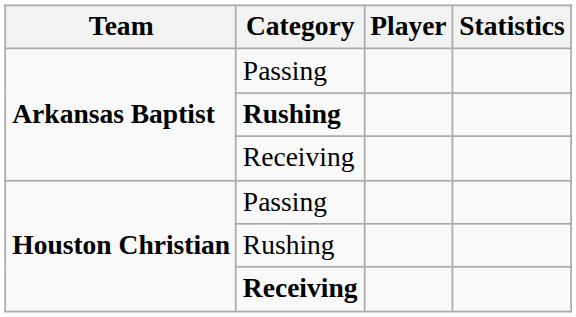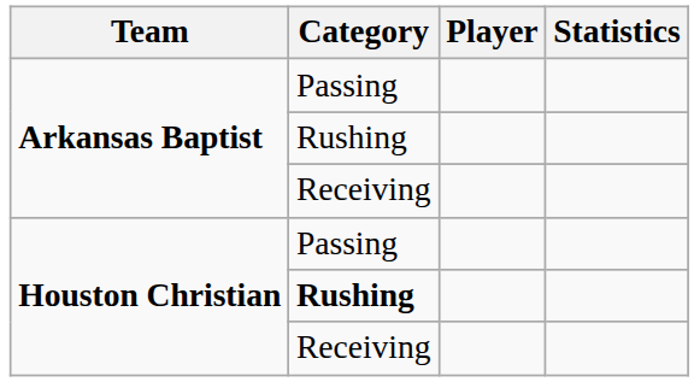 <table class="wikitable" style="float: right;">
 <tr>
 <th>Team</th>
 <th>Category</th>
 <th>Player</th>
 <th>Statistics</th>
 </tr>
 <tr>
 <td rowspan=3><strong>Arkansas Baptist</strong></td>
 <td>Passing</td>
 <td></td>
 <td></td>
 </tr>
 <tr>
-<td><strong>Rushing</strong></td>
+<td>Rushing</td>
 <td></td>
 <td></td>
 </tr>
 <tr>
 <td>Receiving</td>
 <td></td>
 <td></td>
 </tr>
 <tr>
 <td rowspan=3><strong>Houston Christian</strong></td>
 <td>Passing</td>
 <td></td>
 <td></td>
 </tr>
 <tr>
-<td>Rushing</td>
+<td><strong>Rushing</strong></td>
 <td></td>
 <td></td>
 </tr>
 <tr>
-<td><strong>Receiving</strong></td>
+<td>Receiving</td>
 <td></td>
 <td></td>
 </tr>
 </table>
